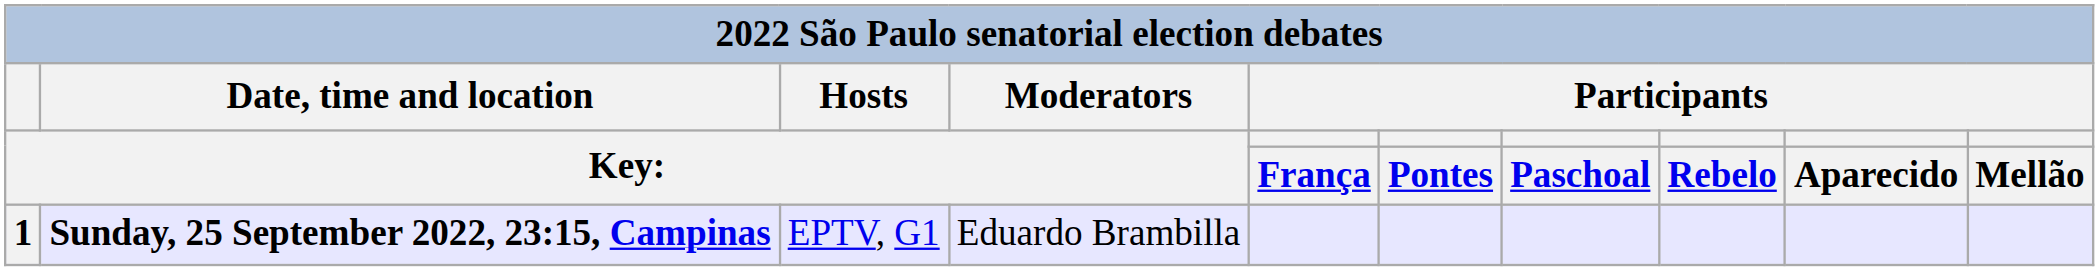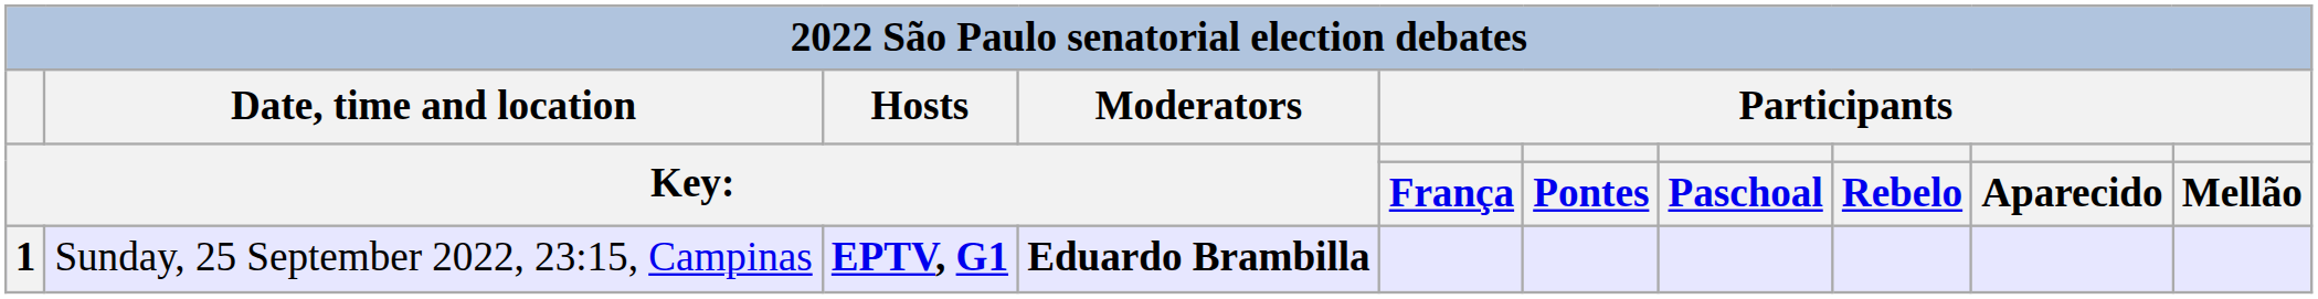 <table class="plainrowheaders wikitable" style=text-align:center>
 <tr>
 <th colspan=10 style=background:#B0C4DE>2022 São Paulo senatorial election debates</th>
 </tr>
 <tr style=line-height:1.3>
 <th></th>
 <th>Date, time and location</th>
 <th>Hosts</th>
 <th>Moderators</th>
 <th colspan=6 scope=col>Participants</th>
 </tr>
 <tr>
 <th colspan=4 rowspan=2>Key:<br></th>
 <th scope=col style=background:><small><a href='#'></a></small></th>
 <th scope=col style=background:><small> <a href='#'></a></small></th>
 <th scope=col style=background:><small><a href='#'></a></small></th>
 <th scope=col style=background:><small> <a href='#'></a></small></th>
 <th scope=col style=background:><small> <a href='#'></a></small></th>
 <th scope=col style=background:><small> <a href='#'></a></small></th>
 </tr>
 <tr>
 <th><a href='#'>França</a></th>
 <th><a href='#'>Pontes</a></th>
 <th><a href='#'>Paschoal</a></th>
 <th><a href='#'>Rebelo</a></th>
 <th>Aparecido</th>
 <th>Mellão</th>
 </tr>
 <tr style=background:#e7e7ff>
 <th scope=row style=text-align:center>1</th>
-<td><strong>Sunday, 25 September 2022, 23:15, <a href='#'>Campinas</a></strong></td>
-<td><a href='#'>EPTV</a>, <a href='#'>G1</a></td>
-<td>Eduardo Brambilla</td>
+<td>Sunday, 25 September 2022, 23:15, <a href='#'>Campinas</a></td>
+<td><strong><a href='#'>EPTV</a>, <a href='#'>G1</a></strong></td>
+<td><strong>Eduardo Brambilla</strong></td>
 <td></td>
 <td></td>
 <td></td>
 <td></td>
 <td></td>
 <td></td>
 </tr>
 </table>
